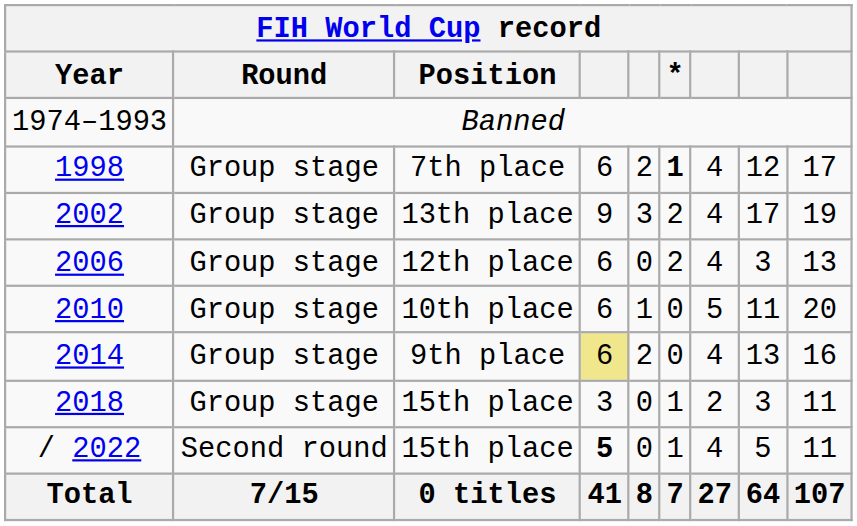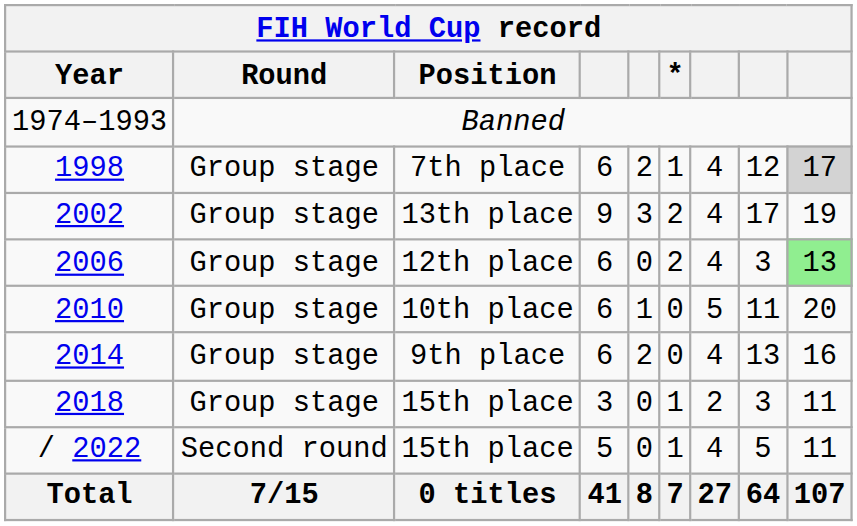 <table class="wikitable" style="text-align: center;">
 <tr>
 <th colspan=9><a href='#'>FIH World Cup</a> record</th>
 </tr>
 <tr>
 <th>Year</th>
 <th>Round</th>
 <th>Position</th>
 <th></th>
 <th></th>
 <th>*</th>
 <th></th>
 <th></th>
 <th></th>
 </tr>
 <tr>
 <td>1974–1993</td>
 <td colspan=10><em>Banned</em></td>
 </tr>
 <tr>
 <td> <a href='#'>1998</a></td>
 <td>Group stage</td>
 <td>7th place</td>
 <td>6</td>
 <td>2</td>
-<td><strong>1</strong></td>
+<td>1</td>
 <td>4</td>
 <td>12</td>
-<td>17</td>
+<td style="background: lightgrey;">17</td>
 </tr>
 <tr>
 <td> <a href='#'>2002</a></td>
 <td>Group stage</td>
 <td>13th place</td>
 <td>9</td>
 <td>3</td>
 <td>2</td>
 <td>4</td>
 <td>17</td>
 <td>19</td>
 </tr>
 <tr>
 <td> <a href='#'>2006</a></td>
 <td>Group stage</td>
 <td>12th place</td>
 <td>6</td>
 <td>0</td>
 <td>2</td>
 <td>4</td>
 <td>3</td>
-<td>13</td>
+<td style="background: lightgreen;">13</td>
 </tr>
 <tr>
 <td> <a href='#'>2010</a></td>
 <td>Group stage</td>
 <td>10th place</td>
 <td>6</td>
 <td>1</td>
 <td>0</td>
 <td>5</td>
 <td>11</td>
 <td>20</td>
 </tr>
 <tr>
 <td> <a href='#'>2014</a></td>
 <td>Group stage</td>
 <td>9th place</td>
-<td style="background: khaki;">6</td>
+<td>6</td>
 <td>2</td>
 <td>0</td>
 <td>4</td>
 <td>13</td>
 <td>16</td>
 </tr>
 <tr>
 <td> <a href='#'>2018</a></td>
 <td>Group stage</td>
 <td>15th place</td>
 <td>3</td>
 <td>0</td>
 <td>1</td>
 <td>2</td>
 <td>3</td>
 <td>11</td>
 </tr>
 <tr>
 <td>/ <a href='#'>2022</a></td>
 <td>Second round</td>
 <td>15th place</td>
-<td><strong>5</strong></td>
+<td>5</td>
 <td>0</td>
 <td>1</td>
 <td>4</td>
 <td>5</td>
 <td>11</td>
 </tr>
 <tr>
 <th>Total</th>
 <th>7/15</th>
 <th>0 titles</th>
 <th>41</th>
 <th>8</th>
 <th>7</th>
 <th>27</th>
 <th>64</th>
 <th>107</th>
 </tr>
 </table>
